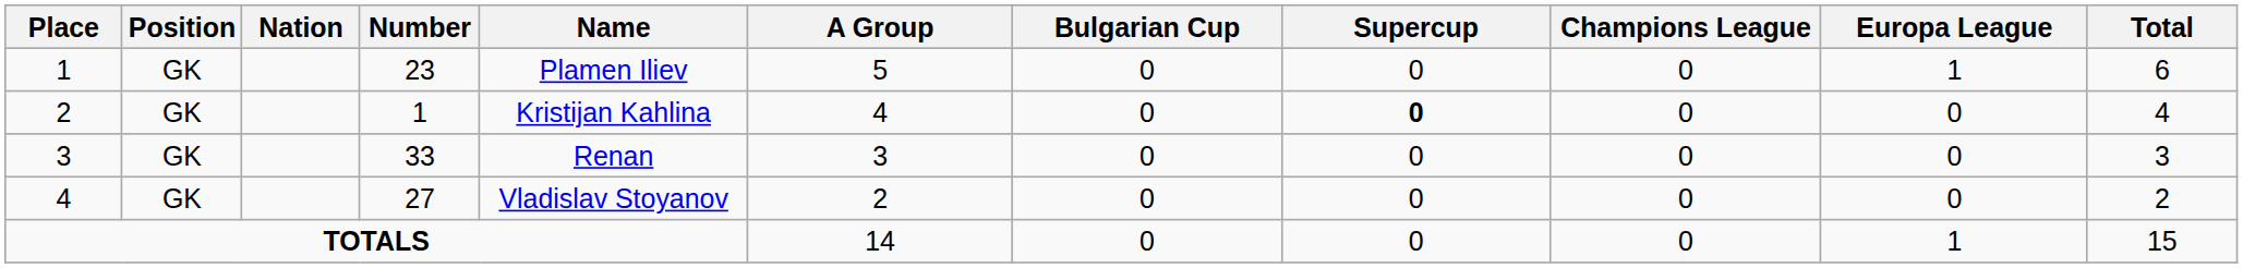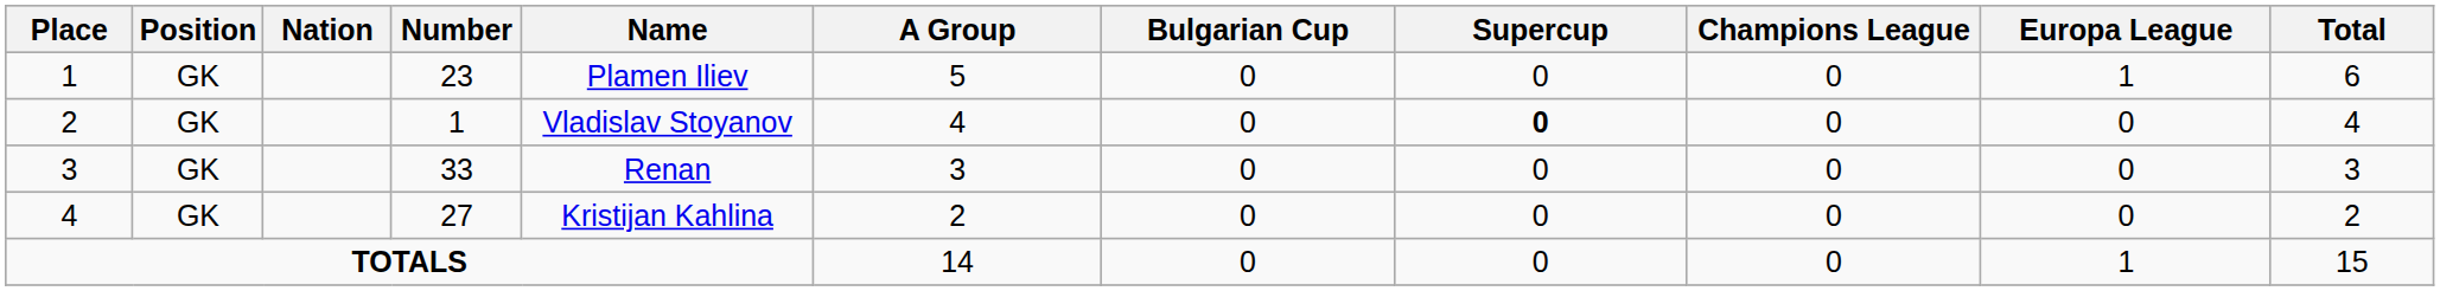 <table class="wikitable" style="font-size: 95%; text-align: center;">
 <tr>
 <th width=60>Place</th>
 <th width=60>Position</th>
 <th width=60>Nation</th>
 <th width=60>Number</th>
 <th width=150>Name</th>
 <th width=150>A Group</th>
 <th width=150>Bulgarian Cup</th>
 <th width=150>Supercup</th>
 <th width=150>Champions League</th>
 <th width=150>Europa League</th>
 <th width=80>Total</th>
 </tr>
 <tr>
 <td>1</td>
 <td>GK</td>
 <td></td>
 <td>23</td>
 <td><a href='#'>Plamen Iliev</a></td>
 <td>5</td>
 <td>0</td>
 <td>0</td>
 <td>0</td>
 <td>1</td>
 <td>6</td>
 </tr>
 <tr>
 <td>2</td>
 <td>GK</td>
 <td></td>
 <td>1</td>
-<td><a href='#'>Kristijan Kahlina</a></td>
+<td><a href='#'>Vladislav Stoyanov</a></td>
 <td>4</td>
 <td>0</td>
 <td><strong>0</strong></td>
 <td>0</td>
 <td>0</td>
 <td>4</td>
 </tr>
 <tr>
 <td>3</td>
 <td>GK</td>
 <td></td>
 <td>33</td>
 <td><a href='#'>Renan</a></td>
 <td>3</td>
 <td>0</td>
 <td>0</td>
 <td>0</td>
 <td>0</td>
 <td>3</td>
 </tr>
 <tr>
 <td>4</td>
 <td>GK</td>
 <td></td>
 <td>27</td>
-<td><a href='#'>Vladislav Stoyanov</a></td>
+<td><a href='#'>Kristijan Kahlina</a></td>
 <td>2</td>
 <td>0</td>
 <td>0</td>
 <td>0</td>
 <td>0</td>
 <td>2</td>
 </tr>
 <tr>
 <td colspan="5"><strong>TOTALS</strong></td>
 <td>14</td>
 <td>0</td>
 <td>0</td>
 <td>0</td>
 <td>1</td>
 <td>15</td>
 </tr>
 </table>
